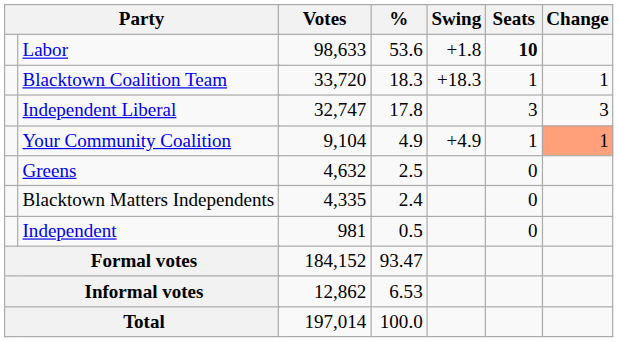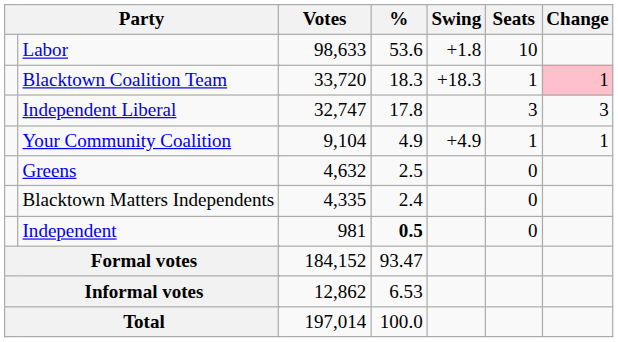 <table class="wikitable" style="text-align:right; margin-bottom:0">
 <tr>
 <th style="width:10px" colspan=3>Party</th>
 <th style="width:70px;">Votes</th>
 <th style="width:40px;">%</th>
 <th style="width:40px;">Swing</th>
 <th style="width:40px;">Seats</th>
 <th style="width:40px;">Change</th>
 </tr>
 <tr>
 <td> </td>
 <td style="text-align:left;" colspan="2"><a href='#'>Labor</a></td>
 <td>98,633</td>
 <td>53.6</td>
 <td>+1.8</td>
-<td><strong>10</strong></td>
+<td>10</td>
 <td></td>
 </tr>
 <tr>
 <td> </td>
 <td style="text-align:left;" colspan="2"><a href='#'>Blacktown Coalition Team</a></td>
 <td>33,720</td>
 <td>18.3</td>
 <td>+18.3</td>
 <td>1</td>
-<td> 1</td>
+<td style="background: pink;"> 1</td>
 </tr>
 <tr>
 <td> </td>
 <td style="text-align:left;" colspan="2"><a href='#'>Independent Liberal</a></td>
 <td>32,747</td>
 <td>17.8</td>
 <td></td>
 <td>3</td>
 <td> 3</td>
 </tr>
 <tr>
 <td> </td>
 <td style="text-align:left;" colspan="2"><a href='#'>Your Community Coalition</a></td>
 <td>9,104</td>
 <td>4.9</td>
 <td>+4.9</td>
 <td>1</td>
-<td style="background: lightsalmon;"> 1</td>
+<td> 1</td>
 </tr>
 <tr>
 <td> </td>
 <td style="text-align:left;" colspan="2"><a href='#'>Greens</a></td>
 <td>4,632</td>
 <td>2.5</td>
 <td></td>
 <td>0</td>
 <td></td>
 </tr>
 <tr>
 <td> </td>
 <td style="text-align:left;" colspan="2">Blacktown Matters Independents</td>
 <td>4,335</td>
 <td>2.4</td>
 <td></td>
 <td>0</td>
 <td></td>
 </tr>
 <tr>
 <td> </td>
 <td style="text-align:left;" colspan="2"><a href='#'>Independent</a></td>
 <td>981</td>
-<td>0.5</td>
+<td><strong>0.5</strong></td>
 <td></td>
 <td>0</td>
 <td></td>
 </tr>
 <tr>
 <th colspan="3" rowspan="1"> Formal votes</th>
 <td>184,152</td>
 <td>93.47</td>
 <td></td>
 <td></td>
 <td></td>
 </tr>
 <tr>
 <th colspan="3" rowspan="1"> Informal votes</th>
 <td>12,862</td>
 <td>6.53</td>
 <td></td>
 <td></td>
 <td></td>
 </tr>
 <tr>
 <th colspan="3" rowspan="1"> Total</th>
 <td>197,014</td>
 <td>100.0</td>
 <td></td>
 <td></td>
 <td></td>
 </tr>
 </table>
